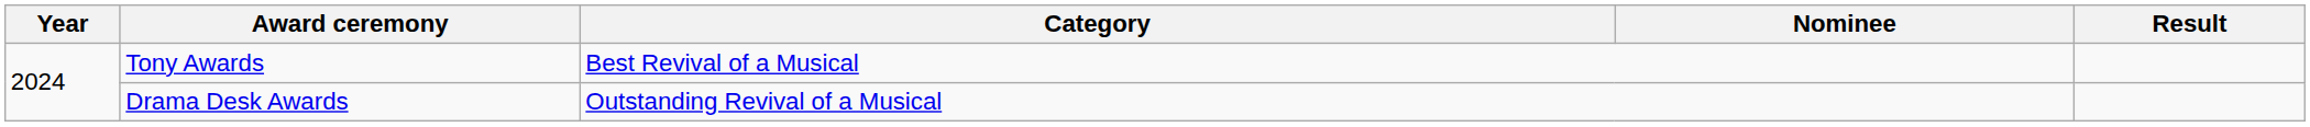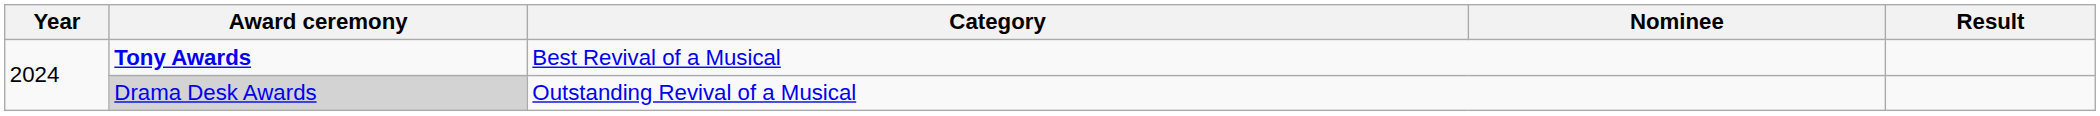 <table class="wikitable" width="95%">
 <tr>
 <th width="5%">Year</th>
 <th width="20%">Award ceremony</th>
 <th width="45%">Category</th>
 <th width="20%">Nominee</th>
 <th width="10%">Result</th>
 </tr>
 <tr>
 <td rowspan="2">2024</td>
-<td><a href='#'>Tony Awards</a></td>
+<td><strong><a href='#'>Tony Awards</a></strong></td>
 <td colspan=2><a href='#'>Best Revival of a Musical</a></td>
 <td></td>
 </tr>
 <tr>
-<td><a href='#'>Drama Desk Awards</a></td>
+<td style="background: lightgrey;"><a href='#'>Drama Desk Awards</a></td>
 <td colspan=2><a href='#'>Outstanding Revival of a Musical</a></td>
 <td></td>
 </tr>
 </table>
